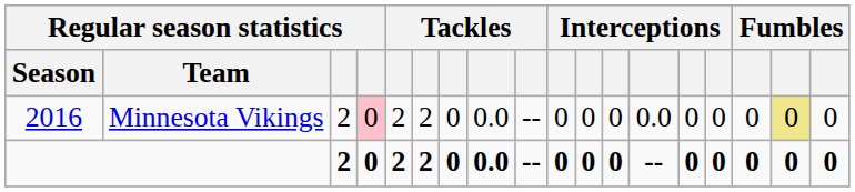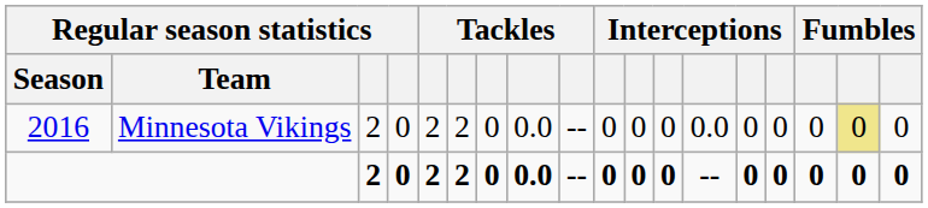 <table class="wikitable" style="text-align:center;">
 <tr>
 <th colspan="4">Regular season statistics</th>
 <th colspan="5">Tackles</th>
 <th colspan="6">Interceptions</th>
 <th colspan="3">Fumbles</th>
 </tr>
 <tr>
 <th>Season</th>
 <th>Team</th>
 <th></th>
 <th></th>
 <th></th>
 <th></th>
 <th></th>
 <th></th>
 <th></th>
 <th></th>
 <th></th>
 <th></th>
 <th></th>
 <th></th>
 <th></th>
 <th></th>
 <th></th>
 <th></th>
 </tr>
 <tr>
 <td><a href='#'>2016</a></td>
 <td><a href='#'>Minnesota Vikings</a></td>
 <td>2</td>
-<td style="background: pink;">0</td>
+<td>0</td>
 <td>2</td>
 <td>2</td>
 <td>0</td>
 <td>0.0</td>
 <td>--</td>
 <td>0</td>
 <td>0</td>
 <td>0</td>
 <td>0.0</td>
 <td>0</td>
 <td>0</td>
 <td>0</td>
 <td style="background: khaki;">0</td>
 <td>0</td>
 </tr>
 <tr>
 <td colspan=2></td>
 <td><strong>2</strong></td>
 <td><strong>0</strong></td>
 <td><strong>2</strong></td>
 <td><strong>2</strong></td>
 <td><strong>0</strong></td>
 <td><strong>0.0</strong></td>
 <td><strong>--</strong></td>
 <td><strong>0</strong></td>
 <td><strong>0</strong></td>
 <td><strong>0</strong></td>
 <td><strong>--</strong></td>
 <td><strong>0</strong></td>
 <td><strong>0</strong></td>
 <td><strong>0</strong></td>
 <td><strong>0</strong></td>
 <td><strong>0</strong></td>
 </tr>
 </table>
